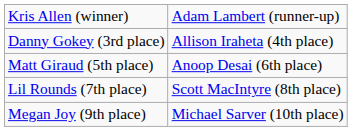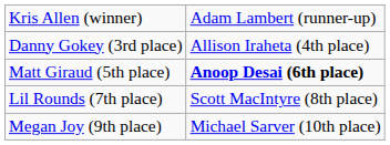 <table class="wikitable" align="center">
 <tr>
 <td><a href='#'>Kris Allen</a> (winner)</td>
 <td><a href='#'>Adam Lambert</a> (runner-up)</td>
 </tr>
 <tr>
 <td><a href='#'>Danny Gokey</a> (3rd place)</td>
 <td><a href='#'>Allison Iraheta</a> (4th place)</td>
 </tr>
 <tr>
 <td><a href='#'>Matt Giraud</a> (5th place)</td>
-<td><a href='#'>Anoop Desai</a> (6th place)</td>
+<td><strong><a href='#'>Anoop Desai</a> (6th place)</strong></td>
 </tr>
 <tr>
 <td><a href='#'>Lil Rounds</a> (7th place)</td>
 <td><a href='#'>Scott MacIntyre</a> (8th place)</td>
 </tr>
 <tr>
 <td><a href='#'>Megan Joy</a> (9th place)</td>
 <td><a href='#'>Michael Sarver</a> (10th place)</td>
 </tr>
 </table>
